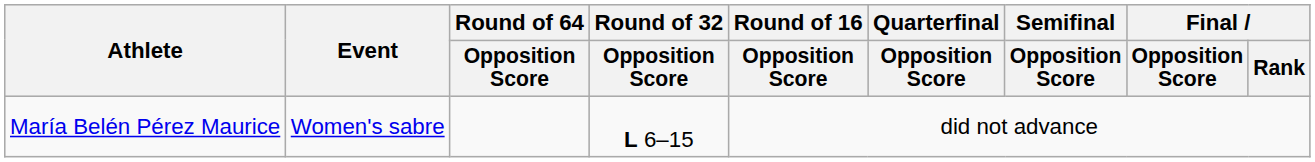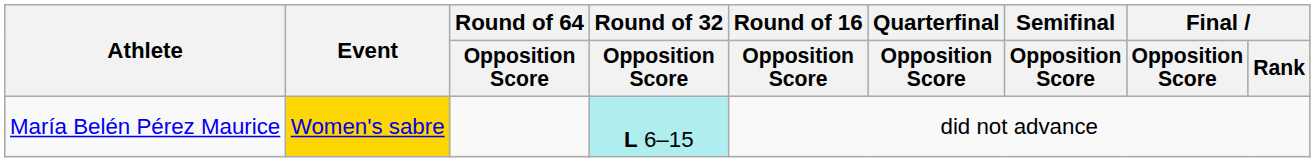 <table class="wikitable" style="font-size:90%">
 <tr>
 <th rowspan=2>Athlete</th>
 <th rowspan=2>Event</th>
 <th>Round of 64</th>
 <th>Round of 32</th>
 <th>Round of 16</th>
 <th>Quarterfinal</th>
 <th>Semifinal</th>
 <th colspan=2>Final / </th>
 </tr>
 <tr style="font-size:95%">
 <th>Opposition<br>Score</th>
 <th>Opposition<br>Score</th>
 <th>Opposition<br>Score</th>
 <th>Opposition<br>Score</th>
 <th>Opposition<br>Score</th>
 <th>Opposition<br>Score</th>
 <th>Rank</th>
 </tr>
 <tr align=center>
 <td align=left><a href='#'>María Belén Pérez Maurice</a></td>
-<td align=left><a href='#'>Women's sabre</a></td>
+<td align=left style="background: gold;"><a href='#'>Women's sabre</a></td>
 <td></td>
-<td><br><strong>L</strong> 6–15</td>
+<td style="background: paleturquoise;"><br><strong>L</strong> 6–15</td>
 <td colspan=5>did not advance</td>
 </tr>
 </table>
